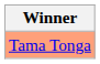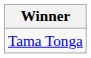 <table class="wikitable">
 <tr>
 <th>Winner</th>
 </tr>
 <tr>
-<td style="background: lightsalmon;"><a href='#'>Tama Tonga</a></td>
+<td><a href='#'>Tama Tonga</a></td>
 </tr>
 </table>
